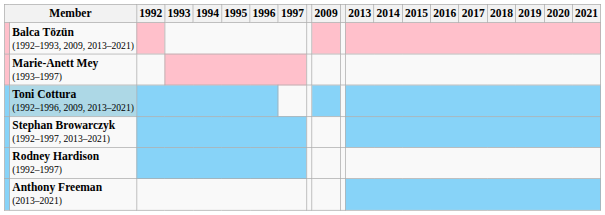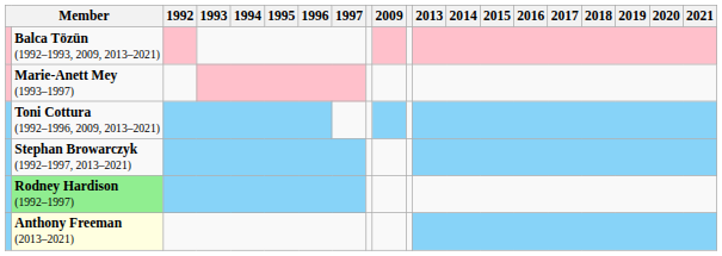 <table class="wikitable">
 <tr>
 <th colspan="2">Member</th>
 <th>1992</th>
 <th>1993</th>
 <th>1994</th>
 <th>1995</th>
 <th>1996</th>
 <th>1997</th>
 <th></th>
 <th>2009</th>
 <th></th>
 <th>2013</th>
 <th>2014</th>
 <th>2015</th>
 <th>2016</th>
 <th>2017</th>
 <th>2018</th>
 <th>2019</th>
 <th>2020</th>
 <th>2021</th>
 </tr>
 <tr>
 <td style="background:pink"></td>
 <td><strong>Balca Tözün</strong><br><small>(1992–1993, 2009, 2013–2021)</small></td>
 <td style="text-align:center; background:pink;"></td>
 <td colspan="5" style="text-align:center;"></td>
 <td></td>
 <td style="text-align:center; background:pink;"></td>
 <td></td>
 <td colspan="9" style="text-align:center; background:pink;"></td>
 </tr>
 <tr>
 <td style="background:pink"></td>
 <td><strong>Marie-Anett Mey</strong><br><small>(1993–1997)</small></td>
 <td></td>
 <td colspan="5" style="text-align:center; background:pink;"></td>
 <td></td>
 <td></td>
 <td></td>
 <td colspan="9"></td>
 </tr>
 <tr>
 <td style="background:#87D3F8;"></td>
-<td style="background: lightblue;"><strong>Toni Cottura</strong><br><small>(1992–1996, 2009, 2013–2021)</small></td>
+<td><strong>Toni Cottura</strong><br><small>(1992–1996, 2009, 2013–2021)</small></td>
 <td colspan="5" style="text-align:center; background:#87D3F8;"></td>
 <td></td>
 <td></td>
 <td style="text-align:center; background:#87d3f8;"></td>
 <td></td>
 <td colspan="9" style="text-align:center; background:#87D3F8;"></td>
 </tr>
 <tr>
 <td style="background:#87D3F8;"></td>
 <td><strong>Stephan Browarczyk</strong><br><small>(1992–1997, 2013–2021)</small></td>
 <td colspan="6" style="text-align:center; background:#87D3F8;"></td>
 <td></td>
 <td></td>
 <td></td>
 <td colspan="9" style="text-align:center; background:#87D3F8;"></td>
 </tr>
 <tr>
 <td style="background:#87D3F8;"></td>
-<td><strong>Rodney Hardison</strong><br><small>(1992–1997)</small></td>
+<td style="background: lightgreen;"><strong>Rodney Hardison</strong><br><small>(1992–1997)</small></td>
 <td colspan="6" style="text-align:center; background:#87D3F8;"></td>
 <td></td>
 <td></td>
 <td></td>
 <td colspan="9"></td>
 </tr>
 <tr>
 <td style="background:#87D3F8;"></td>
-<td><strong>Anthony Freeman</strong><br><small>(2013–2021)</small></td>
+<td style="background: lightyellow;"><strong>Anthony Freeman</strong><br><small>(2013–2021)</small></td>
 <td colspan="6"></td>
 <td></td>
 <td></td>
 <td></td>
 <td colspan="9" style="text-align:center; background:#87D3F8;"></td>
 </tr>
 </table>
